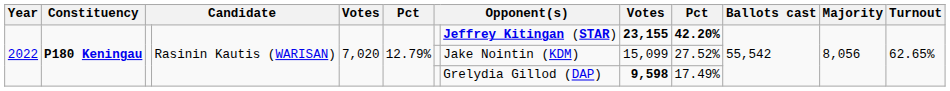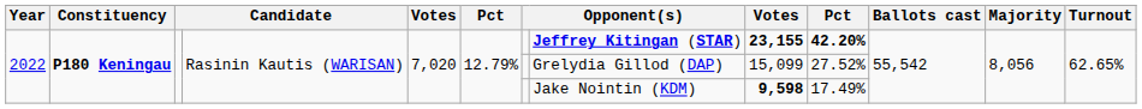 <table class="wikitable" style="margin:0.5em ; font-size:95%">
 <tr>
 <th>Year</th>
 <th>Constituency</th>
 <th colspan=2>Candidate</th>
 <th>Votes</th>
 <th>Pct</th>
 <th colspan=2>Opponent(s)</th>
 <th>Votes</th>
 <th>Pct</th>
 <th>Ballots cast</th>
 <th>Majority</th>
 <th>Turnout</th>
 </tr>
 <tr>
 <td rowspan="3"><a href='#'>2022</a></td>
 <td rowspan="3"><strong>P180 <a href='#'>Keningau</a></strong></td>
 <td rowspan="3" ></td>
 <td rowspan="3">Rasinin Kautis (<a href='#'>WARISAN</a>)</td>
 <td rowspan="3" align="right">7,020</td>
 <td rowspan="3">12.79%</td>
 <td></td>
 <td><strong><a href='#'>Jeffrey Kitingan</a></strong> (<a href='#'><strong>STAR</strong></a>)</td>
 <td align="right"><strong>23,155</strong></td>
 <td><strong>42.20%</strong></td>
 <td rowspan="3">55,542</td>
 <td rowspan="3">8,056</td>
 <td rowspan="3">62.65%</td>
 </tr>
 <tr>
 <td></td>
-<td>Jake Nointin (<a href='#'>KDM</a>)</td>
+<td>Grelydia Gillod (<a href='#'>DAP</a>)</td>
 <td align="right">15,099</td>
 <td>27.52%</td>
 </tr>
 <tr>
 <td></td>
-<td>Grelydia Gillod (<a href='#'>DAP</a>)</td>
+<td>Jake Nointin (<a href='#'>KDM</a>)</td>
 <td align="right"><strong>9,598</strong></td>
 <td>17.49%</td>
 </tr>
 </table>
